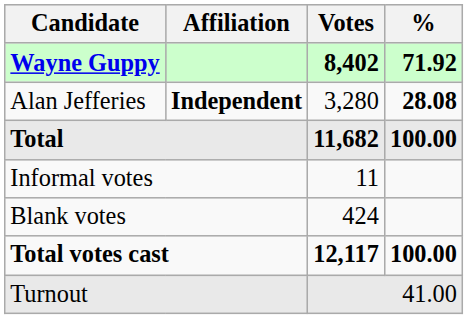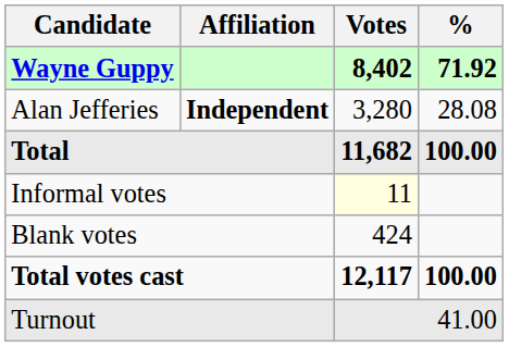 <table class="wikitable">
 <tr style="background:#e9e9e9;">
 <th>Candidate</th>
 <th>Affiliation</th>
 <th>Votes</th>
 <th>%</th>
 </tr>
 <tr style="text-align:right;background:#cfc;">
 <td style="text-align:left;"><strong><a href='#'>Wayne Guppy</a></strong></td>
 <td style="text-align:left;"></td>
 <td><strong>8,402</strong></td>
 <td><strong>71.92</strong></td>
 </tr>
 <tr style="text-align:right;">
 <td style="text-align:left;">Alan Jefferies</td>
 <td style="text-align:left;"><strong>Independent</strong></td>
 <td>3,280</td>
-<td><strong>28.08</strong></td>
+<td>28.08</td>
 </tr>
 <tr style="background:#e9e9e9;text-align:right;">
 <td colspan=2 style="text-align:left;"><strong>Total</strong></td>
 <td><strong>11,682</strong></td>
 <td><strong>100.00</strong></td>
 </tr>
 <tr style="text-align:right;">
 <td colspan=2 style="text-align:left;">Informal votes</td>
-<td>11</td>
+<td style="background: lightyellow;">11</td>
 <td></td>
 </tr>
 <tr style="text-align:right;">
 <td colspan=2 style="text-align:left;">Blank votes</td>
 <td>424</td>
 <td></td>
 </tr>
 <tr style="text-align:right;">
 <td colspan=2 style="text-align:left;"><strong>Total votes cast</strong></td>
 <td><strong>12,117</strong></td>
 <td><strong>100.00</strong></td>
 </tr>
 <tr style="background:#e9e9e9;text-align:right;">
 <td colspan=2 style="text-align:left;">Turnout</td>
 <td colspan=2>41.00</td>
 </tr>
 </table>
